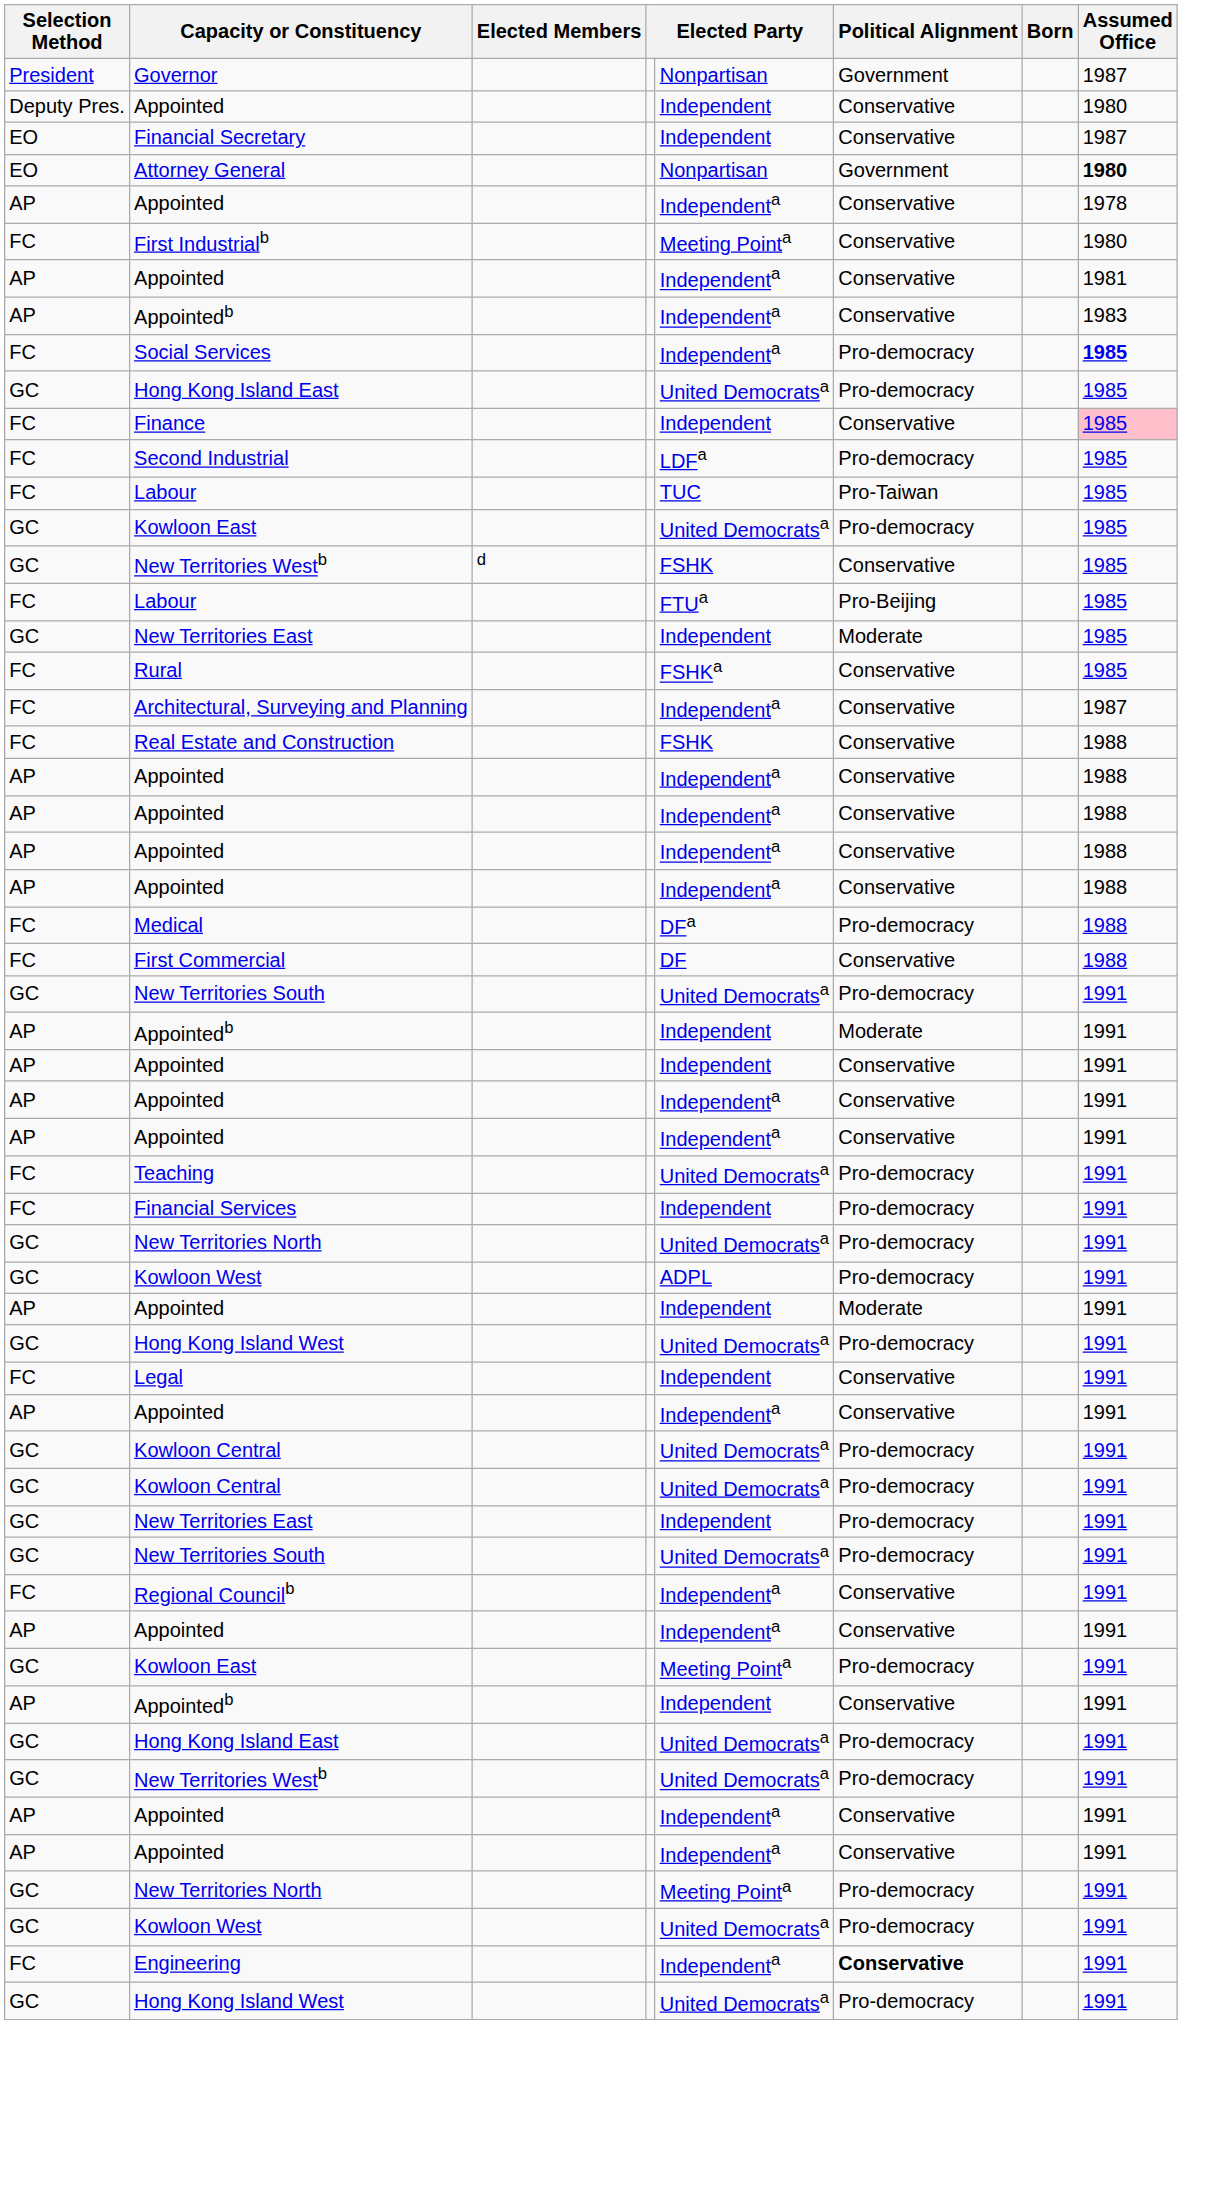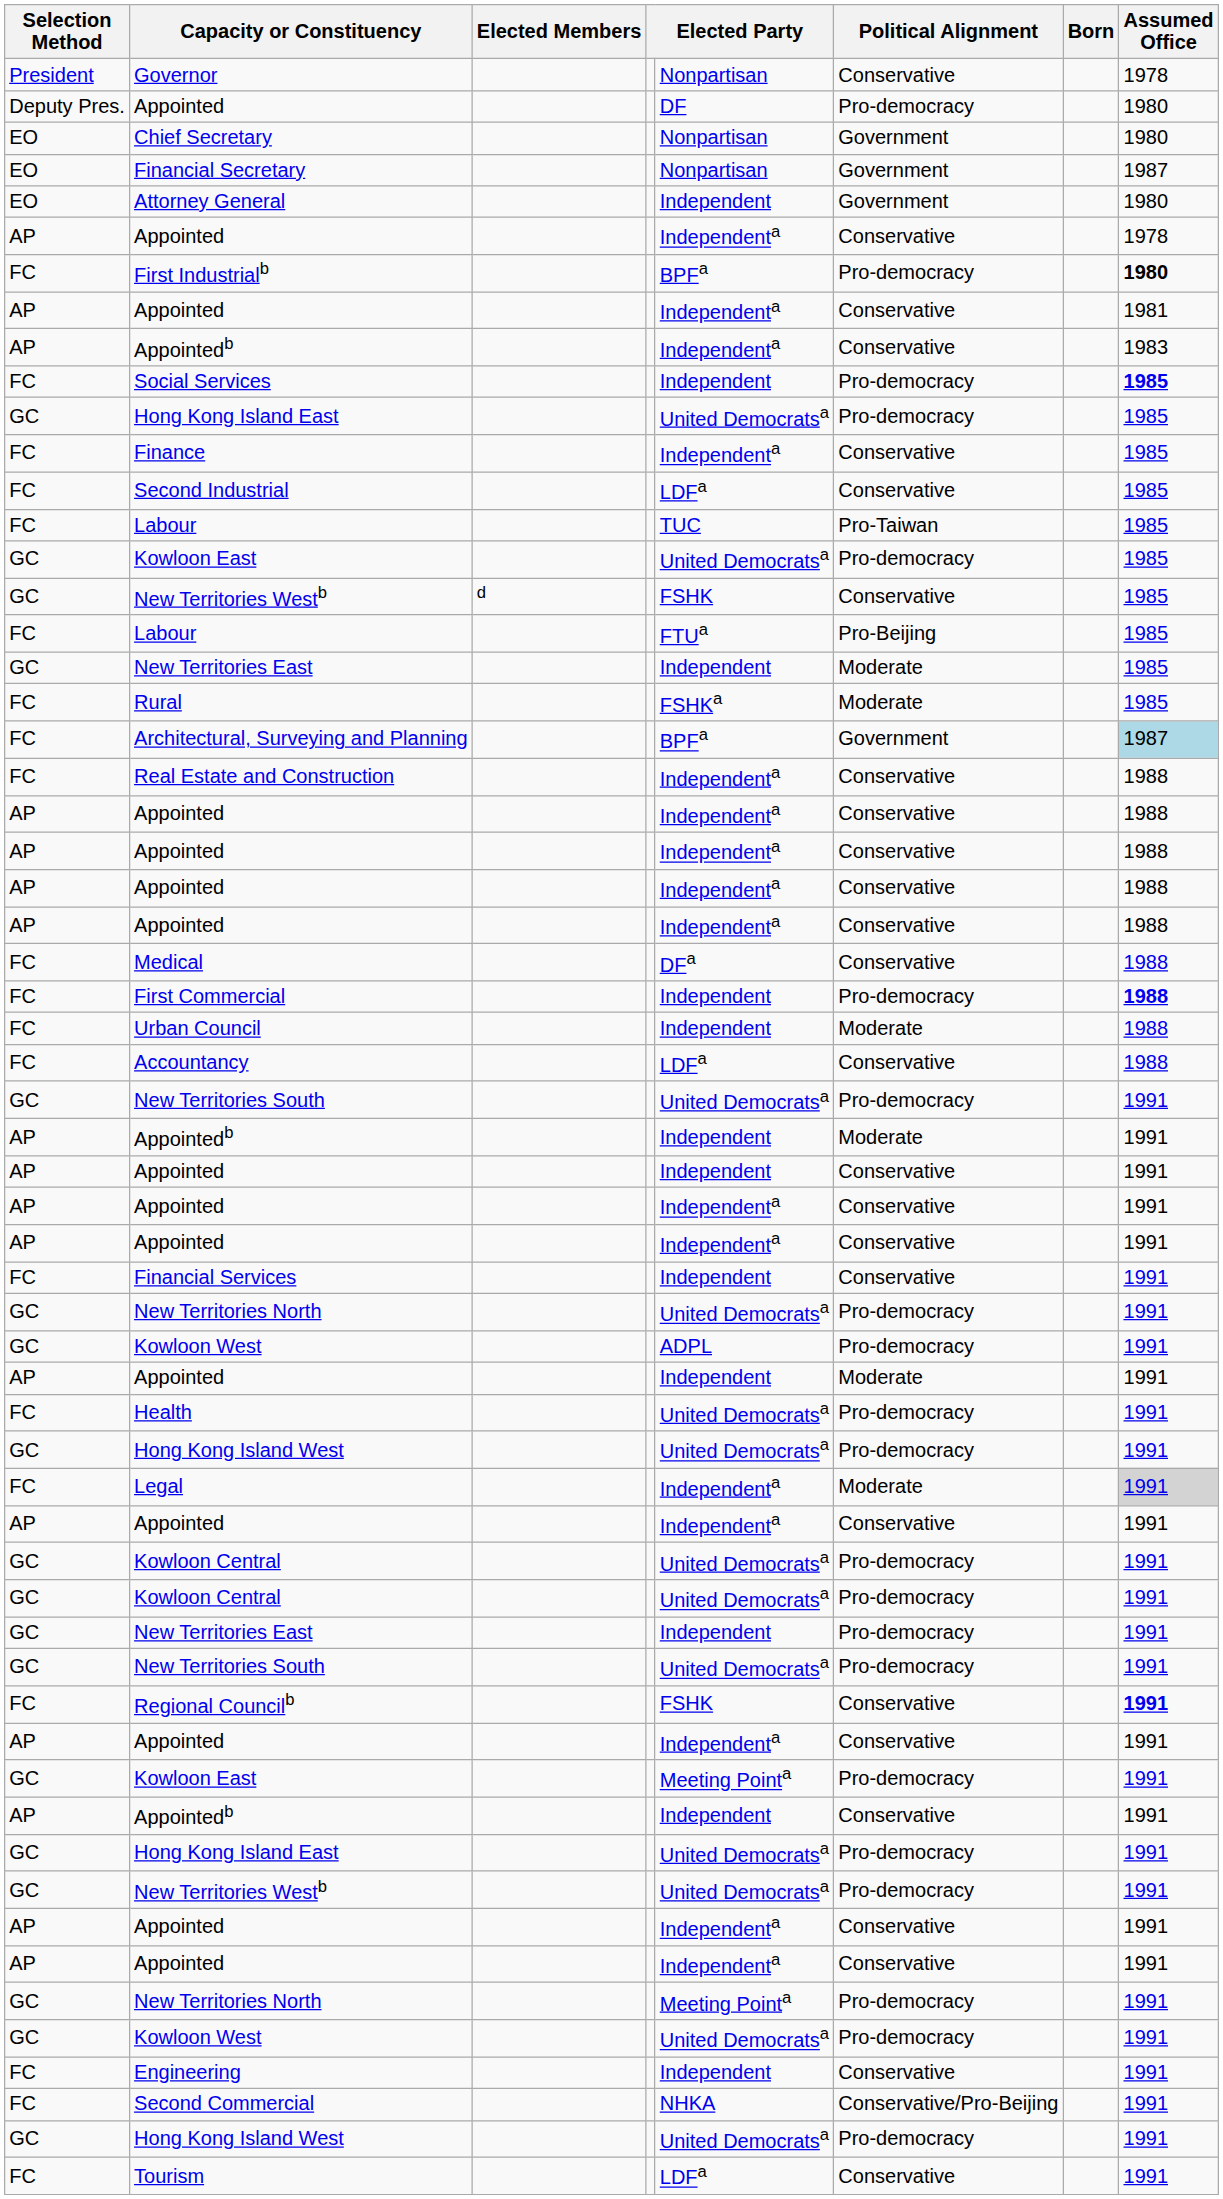 <table class="wikitable sortable">
 <tr>
 <th>Selection<br>Method</th>
 <th>Capacity or Constituency</th>
 <th>Elected Members</th>
 <th colspan=2>Elected Party</th>
 <th>Political Alignment</th>
 <th>Born</th>
 <th>Assumed<br>Office</th>
 </tr>
 <tr>
 <td><a href='#'>President</a></td>
 <td><a href='#'>Governor</a></td>
 <td><em></em></td>
 <td></td>
 <td><a href='#'>Nonpartisan</a></td>
-<td>Government</td>
+<td>Conservative</td>
 <td></td>
-<td>1987</td>
+<td>1978</td>
 </tr>
 <tr>
 <td>Deputy Pres.</td>
 <td>Appointed</td>
 <td></td>
 <td></td>
-<td><a href='#'>Independent</a></td>
-<td>Conservative</td>
+<td><a href='#'>DF</a></td>
+<td>Pro-democracy</td>
+<td></td>
+<td>1980</td>
+</tr>
+<tr>
+<td>EO</td>
+<td><a href='#'>Chief Secretary</a></td>
+<td><em></em></td>
+<td></td>
+<td><a href='#'>Nonpartisan</a></td>
+<td>Government</td>
 <td></td>
 <td>1980</td>
 </tr>
 <tr>
 <td>EO</td>
 <td><a href='#'>Financial Secretary</a></td>
 <td></td>
 <td></td>
-<td><a href='#'>Independent</a></td>
-<td>Conservative</td>
+<td><a href='#'>Nonpartisan</a></td>
+<td>Government</td>
 <td></td>
 <td>1987</td>
 </tr>
 <tr>
 <td>EO</td>
 <td><a href='#'>Attorney General</a></td>
 <td></td>
 <td></td>
-<td><a href='#'>Nonpartisan</a></td>
+<td><a href='#'>Independent</a></td>
 <td>Government</td>
 <td></td>
-<td><strong>1980</strong></td>
+<td>1980</td>
 </tr>
 <tr>
 <td>AP</td>
 <td>Appointed</td>
 <td></td>
 <td></td>
 <td><a href='#'>Independent</a><sup>a</sup></td>
 <td>Conservative</td>
 <td></td>
 <td>1978</td>
 </tr>
 <tr>
 <td>FC</td>
 <td><a href='#'>First Industrial</a><sup>b</sup></td>
 <td><em></em></td>
 <td></td>
-<td><a href='#'>Meeting Point</a><sup>a</sup></td>
-<td>Conservative</td>
+<td><a href='#'>BPF</a><sup>a</sup></td>
+<td>Pro-democracy</td>
 <td></td>
-<td>1980</td>
+<td><strong>1980</strong></td>
 </tr>
 <tr>
 <td>AP</td>
 <td>Appointed</td>
 <td></td>
 <td></td>
 <td><a href='#'>Independent</a><sup>a</sup></td>
 <td>Conservative</td>
 <td></td>
 <td>1981</td>
 </tr>
 <tr>
 <td>AP</td>
 <td>Appointed<sup>b</sup></td>
 <td><em></em></td>
 <td></td>
 <td><a href='#'>Independent</a><sup>a</sup></td>
 <td>Conservative</td>
 <td></td>
 <td>1983</td>
 </tr>
 <tr>
 <td>FC</td>
 <td><a href='#'>Social Services</a></td>
 <td></td>
 <td></td>
-<td><a href='#'>Independent</a><sup>a</sup></td>
+<td><a href='#'>Independent</a></td>
 <td>Pro-democracy</td>
 <td></td>
 <td><strong><a href='#'>1985</a></strong></td>
 </tr>
 <tr>
 <td>GC</td>
 <td><a href='#'>Hong Kong Island East</a></td>
 <td></td>
 <td></td>
 <td><a href='#'>United Democrats</a><sup>a</sup></td>
 <td>Pro-democracy</td>
 <td></td>
 <td><a href='#'>1985</a></td>
 </tr>
 <tr>
 <td>FC</td>
 <td><a href='#'>Finance</a></td>
 <td></td>
 <td></td>
-<td><a href='#'>Independent</a></td>
+<td><a href='#'>Independent</a><sup>a</sup></td>
 <td>Conservative</td>
 <td></td>
-<td style="background: pink;"><a href='#'>1985</a></td>
+<td><a href='#'>1985</a></td>
 </tr>
 <tr>
 <td>FC</td>
 <td><a href='#'>Second Industrial</a></td>
 <td></td>
 <td></td>
 <td><a href='#'>LDF</a><sup>a</sup></td>
-<td>Pro-democracy</td>
+<td>Conservative</td>
 <td></td>
 <td><a href='#'>1985</a></td>
 </tr>
 <tr>
 <td>FC</td>
 <td><a href='#'>Labour</a></td>
 <td></td>
 <td></td>
 <td><a href='#'>TUC</a></td>
 <td>Pro-Taiwan</td>
 <td></td>
 <td><a href='#'>1985</a></td>
 </tr>
 <tr>
 <td>GC</td>
 <td><a href='#'>Kowloon East</a></td>
 <td></td>
 <td></td>
 <td><a href='#'>United Democrats</a><sup>a</sup></td>
 <td>Pro-democracy</td>
 <td></td>
 <td><a href='#'>1985</a></td>
 </tr>
 <tr>
 <td>GC</td>
 <td><a href='#'>New Territories West</a><sup>b</sup></td>
 <td><em></em><sup>d</sup></td>
 <td></td>
 <td><a href='#'>FSHK</a></td>
 <td>Conservative</td>
 <td></td>
 <td><a href='#'>1985</a></td>
 </tr>
 <tr>
 <td>FC</td>
 <td><a href='#'>Labour</a></td>
 <td></td>
 <td></td>
 <td><a href='#'>FTU</a><sup>a</sup></td>
 <td>Pro-Beijing</td>
 <td></td>
 <td><a href='#'>1985</a></td>
 </tr>
 <tr>
 <td>GC</td>
 <td><a href='#'>New Territories East</a></td>
 <td></td>
 <td></td>
 <td><a href='#'>Independent</a></td>
 <td>Moderate</td>
 <td></td>
 <td><a href='#'>1985</a></td>
 </tr>
 <tr>
 <td>FC</td>
 <td><a href='#'>Rural</a></td>
 <td></td>
 <td></td>
 <td><a href='#'>FSHK</a><sup>a</sup></td>
-<td>Conservative</td>
+<td>Moderate</td>
 <td></td>
 <td><a href='#'>1985</a></td>
 </tr>
 <tr>
 <td>FC</td>
 <td><a href='#'>Architectural, Surveying and Planning</a></td>
 <td></td>
 <td></td>
-<td><a href='#'>Independent</a><sup>a</sup></td>
-<td>Conservative</td>
+<td><a href='#'>BPF</a><sup>a</sup></td>
+<td>Government</td>
 <td></td>
-<td>1987</td>
+<td style="background: lightblue;">1987</td>
 </tr>
 <tr>
 <td>FC</td>
 <td><a href='#'>Real Estate and Construction</a></td>
 <td></td>
 <td></td>
-<td><a href='#'>FSHK</a></td>
+<td><a href='#'>Independent</a><sup>a</sup></td>
 <td>Conservative</td>
 <td></td>
 <td>1988</td>
 </tr>
 <tr>
 <td>AP</td>
 <td>Appointed</td>
 <td></td>
 <td></td>
 <td><a href='#'>Independent</a><sup>a</sup></td>
 <td>Conservative</td>
 <td></td>
 <td>1988</td>
 </tr>
 <tr>
 <td>AP</td>
 <td>Appointed</td>
 <td></td>
 <td></td>
 <td><a href='#'>Independent</a><sup>a</sup></td>
 <td>Conservative</td>
 <td></td>
 <td>1988</td>
 </tr>
 <tr>
 <td>AP</td>
 <td>Appointed</td>
 <td></td>
 <td></td>
 <td><a href='#'>Independent</a><sup>a</sup></td>
 <td>Conservative</td>
 <td></td>
 <td>1988</td>
 </tr>
 <tr>
 <td>AP</td>
 <td>Appointed</td>
 <td></td>
 <td></td>
 <td><a href='#'>Independent</a><sup>a</sup></td>
 <td>Conservative</td>
 <td></td>
 <td>1988</td>
 </tr>
 <tr>
 <td>FC</td>
 <td><a href='#'>Medical</a></td>
 <td></td>
 <td></td>
 <td><a href='#'>DF</a><sup>a</sup></td>
-<td>Pro-democracy</td>
+<td>Conservative</td>
 <td></td>
 <td><a href='#'>1988</a></td>
 </tr>
 <tr>
 <td>FC</td>
 <td><a href='#'>First Commercial</a></td>
 <td></td>
 <td></td>
-<td><a href='#'>DF</a></td>
+<td><a href='#'>Independent</a></td>
+<td>Pro-democracy</td>
+<td></td>
+<td><strong><a href='#'>1988</a></strong></td>
+</tr>
+<tr>
+<td>FC</td>
+<td><a href='#'>Urban Council</a></td>
+<td></td>
+<td></td>
+<td><a href='#'>Independent</a></td>
+<td>Moderate</td>
+<td></td>
+<td><a href='#'>1988</a></td>
+</tr>
+<tr>
+<td>FC</td>
+<td><a href='#'>Accountancy</a></td>
+<td></td>
+<td></td>
+<td><a href='#'>LDF</a><sup>a</sup></td>
 <td>Conservative</td>
 <td></td>
 <td><a href='#'>1988</a></td>
 </tr>
 <tr>
 <td>GC</td>
 <td><a href='#'>New Territories South</a></td>
 <td></td>
 <td></td>
 <td><a href='#'>United Democrats</a><sup>a</sup></td>
 <td>Pro-democracy</td>
 <td></td>
 <td><a href='#'>1991</a></td>
 </tr>
 <tr>
 <td>AP</td>
 <td>Appointed<sup>b</sup></td>
 <td><em></em></td>
 <td></td>
 <td><a href='#'>Independent</a></td>
 <td>Moderate</td>
 <td></td>
 <td>1991</td>
 </tr>
 <tr>
 <td>AP</td>
 <td>Appointed</td>
 <td></td>
 <td></td>
 <td><a href='#'>Independent</a></td>
 <td>Conservative</td>
 <td></td>
 <td>1991</td>
 </tr>
 <tr>
 <td>AP</td>
 <td>Appointed</td>
 <td></td>
 <td></td>
 <td><a href='#'>Independent</a><sup>a</sup></td>
 <td>Conservative</td>
 <td></td>
 <td>1991</td>
 </tr>
 <tr>
 <td>AP</td>
 <td>Appointed</td>
 <td></td>
 <td></td>
 <td><a href='#'>Independent</a><sup>a</sup></td>
 <td>Conservative</td>
 <td></td>
 <td>1991</td>
 </tr>
 <tr>
 <td>FC</td>
-<td><a href='#'>Teaching</a></td>
-<td></td>
-<td></td>
-<td><a href='#'>United Democrats</a><sup>a</sup></td>
-<td>Pro-democracy</td>
-<td></td>
-<td><a href='#'>1991</a></td>
-</tr>
-<tr>
-<td>FC</td>
 <td><a href='#'>Financial Services</a></td>
 <td></td>
 <td></td>
 <td><a href='#'>Independent</a></td>
-<td>Pro-democracy</td>
+<td>Conservative</td>
 <td></td>
 <td><a href='#'>1991</a></td>
 </tr>
 <tr>
 <td>GC</td>
 <td><a href='#'>New Territories North</a></td>
 <td></td>
 <td></td>
 <td><a href='#'>United Democrats</a><sup>a</sup></td>
 <td>Pro-democracy</td>
 <td></td>
 <td><a href='#'>1991</a></td>
 </tr>
 <tr>
 <td>GC</td>
 <td><a href='#'>Kowloon West</a></td>
 <td></td>
 <td></td>
 <td><a href='#'>ADPL</a></td>
 <td>Pro-democracy</td>
 <td></td>
 <td><a href='#'>1991</a></td>
 </tr>
 <tr>
 <td>AP</td>
 <td>Appointed</td>
 <td></td>
 <td></td>
 <td><a href='#'>Independent</a></td>
 <td>Moderate</td>
 <td></td>
 <td>1991</td>
 </tr>
 <tr>
+<td>FC</td>
+<td><a href='#'>Health</a></td>
+<td></td>
+<td></td>
+<td><a href='#'>United Democrats</a><sup>a</sup></td>
+<td>Pro-democracy</td>
+<td></td>
+<td><a href='#'>1991</a></td>
+</tr>
+<tr>
 <td>GC</td>
 <td><a href='#'>Hong Kong Island West</a></td>
 <td></td>
 <td></td>
 <td><a href='#'>United Democrats</a><sup>a</sup></td>
 <td>Pro-democracy</td>
 <td></td>
 <td><a href='#'>1991</a></td>
 </tr>
 <tr>
 <td>FC</td>
 <td><a href='#'>Legal</a></td>
 <td></td>
 <td></td>
-<td><a href='#'>Independent</a></td>
-<td>Conservative</td>
+<td><a href='#'>Independent</a><sup>a</sup></td>
+<td>Moderate</td>
 <td></td>
-<td><a href='#'>1991</a></td>
+<td style="background: lightgrey;"><a href='#'>1991</a></td>
 </tr>
 <tr>
 <td>AP</td>
 <td>Appointed</td>
 <td></td>
 <td></td>
 <td><a href='#'>Independent</a><sup>a</sup></td>
 <td>Conservative</td>
 <td></td>
 <td>1991</td>
 </tr>
 <tr>
 <td>GC</td>
 <td><a href='#'>Kowloon Central</a></td>
 <td></td>
 <td></td>
 <td><a href='#'>United Democrats</a><sup>a</sup></td>
 <td>Pro-democracy</td>
 <td></td>
 <td><a href='#'>1991</a></td>
 </tr>
 <tr>
 <td>GC</td>
 <td><a href='#'>Kowloon Central</a></td>
 <td></td>
 <td></td>
 <td><a href='#'>United Democrats</a><sup>a</sup></td>
 <td>Pro-democracy</td>
 <td></td>
 <td><a href='#'>1991</a></td>
 </tr>
 <tr>
 <td>GC</td>
 <td><a href='#'>New Territories East</a></td>
 <td></td>
 <td></td>
 <td><a href='#'>Independent</a></td>
 <td>Pro-democracy</td>
 <td></td>
 <td><a href='#'>1991</a></td>
 </tr>
 <tr>
 <td>GC</td>
 <td><a href='#'>New Territories South</a></td>
 <td></td>
 <td></td>
 <td><a href='#'>United Democrats</a><sup>a</sup></td>
 <td>Pro-democracy</td>
 <td></td>
 <td><a href='#'>1991</a></td>
 </tr>
 <tr>
 <td>FC</td>
 <td><a href='#'>Regional Council</a><sup>b</sup></td>
 <td><em></em></td>
 <td></td>
-<td><a href='#'>Independent</a><sup>a</sup></td>
+<td><a href='#'>FSHK</a></td>
 <td>Conservative</td>
 <td></td>
-<td><a href='#'>1991</a></td>
+<td><strong><a href='#'>1991</a></strong></td>
 </tr>
 <tr>
 <td>AP</td>
 <td>Appointed</td>
 <td></td>
 <td></td>
 <td><a href='#'>Independent</a><sup>a</sup></td>
 <td>Conservative</td>
 <td></td>
 <td>1991</td>
 </tr>
 <tr>
 <td>GC</td>
 <td><a href='#'>Kowloon East</a></td>
 <td></td>
 <td></td>
 <td><a href='#'>Meeting Point</a><sup>a</sup></td>
 <td>Pro-democracy</td>
 <td></td>
 <td><a href='#'>1991</a></td>
 </tr>
 <tr>
 <td>AP</td>
 <td>Appointed<sup>b</sup></td>
 <td><em></em></td>
 <td></td>
 <td><a href='#'>Independent</a></td>
 <td>Conservative</td>
 <td></td>
 <td>1991</td>
 </tr>
 <tr>
 <td>GC</td>
 <td><a href='#'>Hong Kong Island East</a></td>
 <td></td>
 <td></td>
 <td><a href='#'>United Democrats</a><sup>a</sup></td>
 <td>Pro-democracy</td>
 <td></td>
 <td><a href='#'>1991</a></td>
 </tr>
 <tr>
 <td>GC</td>
 <td><a href='#'>New Territories West</a><sup>b</sup></td>
 <td><em></em></td>
 <td></td>
 <td><a href='#'>United Democrats</a><sup>a</sup></td>
 <td>Pro-democracy</td>
 <td></td>
 <td><a href='#'>1991</a></td>
 </tr>
 <tr>
 <td>AP</td>
 <td>Appointed</td>
 <td></td>
 <td></td>
 <td><a href='#'>Independent</a><sup>a</sup></td>
 <td>Conservative</td>
 <td></td>
 <td>1991</td>
 </tr>
 <tr>
 <td>AP</td>
 <td>Appointed</td>
 <td></td>
 <td></td>
 <td><a href='#'>Independent</a><sup>a</sup></td>
 <td>Conservative</td>
 <td></td>
 <td>1991</td>
 </tr>
 <tr>
 <td>GC</td>
 <td><a href='#'>New Territories North</a></td>
 <td></td>
 <td></td>
 <td><a href='#'>Meeting Point</a><sup>a</sup></td>
 <td>Pro-democracy</td>
 <td></td>
 <td><a href='#'>1991</a></td>
 </tr>
 <tr>
 <td>GC</td>
 <td><a href='#'>Kowloon West</a></td>
 <td></td>
 <td></td>
 <td><a href='#'>United Democrats</a><sup>a</sup></td>
 <td>Pro-democracy</td>
 <td></td>
 <td><a href='#'>1991</a></td>
 </tr>
 <tr>
 <td>FC</td>
 <td><a href='#'>Engineering</a></td>
 <td></td>
 <td></td>
-<td><a href='#'>Independent</a><sup>a</sup></td>
-<td><strong>Conservative</strong></td>
+<td><a href='#'>Independent</a></td>
+<td>Conservative</td>
+<td></td>
+<td><a href='#'>1991</a></td>
+</tr>
+<tr>
+<td>FC</td>
+<td><a href='#'>Second Commercial</a></td>
+<td></td>
+<td></td>
+<td><a href='#'>NHKA</a></td>
+<td>Conservative/Pro-Beijing</td>
 <td></td>
 <td><a href='#'>1991</a></td>
 </tr>
 <tr>
 <td>GC</td>
 <td><a href='#'>Hong Kong Island West</a></td>
 <td></td>
 <td></td>
 <td><a href='#'>United Democrats</a><sup>a</sup></td>
 <td>Pro-democracy</td>
 <td></td>
 <td><a href='#'>1991</a></td>
 </tr>
 <tr>
+<td>FC</td>
+<td><a href='#'>Tourism</a></td>
+<td></td>
+<td></td>
+<td><a href='#'>LDF</a><sup>a</sup></td>
+<td>Conservative</td>
+<td></td>
+<td><a href='#'>1991</a></td>
+</tr>
+<tr>
 </tr>
 </table>
